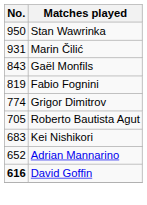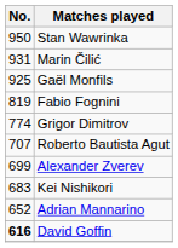 <table class="wikitable" style="display: inline-table;">
 <tr>
 <th>No.</th>
 <th>Matches played<br></th>
 </tr>
 <tr>
 <td>950</td>
 <td> Stan Wawrinka</td>
 </tr>
 <tr>
 <td>931</td>
 <td> Marin Čilić</td>
 </tr>
 <tr>
-<td>843</td>
+<td>925</td>
 <td> Gaël Monfils</td>
 </tr>
 <tr>
 <td>819</td>
 <td> Fabio Fognini</td>
 </tr>
 <tr>
 <td>774</td>
 <td> Grigor Dimitrov</td>
 </tr>
 <tr>
-<td>705</td>
+<td>707</td>
 <td> Roberto Bautista Agut</td>
+</tr>
+<tr>
+<td>699</td>
+<td> <a href='#'>Alexander Zverev</a></td>
 </tr>
 <tr>
 <td>683</td>
 <td> Kei Nishikori</td>
 </tr>
 <tr>
 <td>652</td>
 <td> <a href='#'>Adrian Mannarino</a></td>
 </tr>
 <tr>
 <td><strong>616</strong></td>
 <td> <a href='#'>David Goffin</a></td>
 </tr>
 <tr>
 </tr>
 </table>
